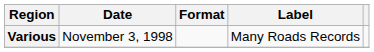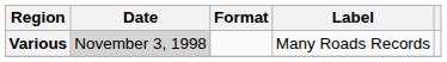 <table class="wikitable plainrowheaders">
 <tr>
 <th scope="col">Region</th>
 <th scope="col">Date</th>
 <th scope="col">Format</th>
 <th scope="col">Label</th>
 <th scope="col"></th>
 </tr>
 <tr>
 <th scope="row">Various</th>
-<td>November 3, 1998</td>
+<td style="background: lightgrey;">November 3, 1998</td>
 <td></td>
 <td>Many Roads Records</td>
 <td style="text-align:center;"></td>
 </tr>
 <tr>
 </tr>
 </table>
